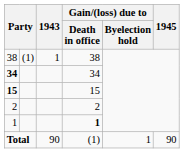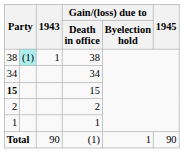 <table class="wikitable" style="text-align:right">
 <tr>
 <th rowspan="2" colspan="2">Party</th>
 <th rowspan="2">1943</th>
 <th colspan="2">Gain/(loss) due to</th>
 <th rowspan="2">1945</th>
 </tr>
 <tr>
 <th>Death<br>in office</th>
 <th>Byelection<br>hold</th>
 </tr>
 <tr>
 <td>38</td>
-<td>(1)</td>
+<td style="background: paleturquoise;">(1)</td>
 <td>1</td>
 <td>38</td>
 </tr>
 <tr>
-<td><strong>34</strong></td>
+<td>34</td>
 <td></td>
 <td></td>
 <td>34</td>
 </tr>
 <tr>
 <td><strong>15</strong></td>
 <td></td>
 <td></td>
 <td>15</td>
 </tr>
 <tr>
 <td>2</td>
 <td></td>
 <td></td>
 <td>2</td>
 </tr>
 <tr>
 <td>1</td>
 <td></td>
 <td></td>
-<td><strong>1</strong></td>
+<td>1</td>
 </tr>
 <tr>
 <td colspan="2" style="text-align:left;"><strong>Total</strong></td>
 <td>90</td>
 <td>(1)</td>
 <td>1</td>
 <td>90</td>
 </tr>
 </table>
